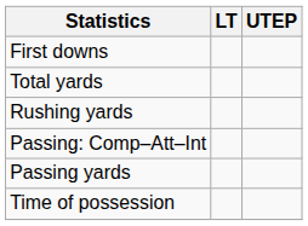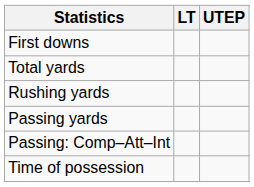 <table class="wikitable" style="float: left;">
 <tr>
 <th>Statistics</th>
 <th>LT</th>
 <th>UTEP</th>
 </tr>
 <tr>
 <td>First downs</td>
 <td></td>
 <td></td>
 </tr>
 <tr>
 <td>Total yards</td>
 <td></td>
 <td></td>
 </tr>
 <tr>
 <td>Rushing yards</td>
 <td></td>
 <td></td>
 </tr>
 <tr>
-<td>Passing: Comp–Att–Int</td>
+<td>Passing yards</td>
 <td></td>
 <td></td>
 </tr>
 <tr>
-<td>Passing yards</td>
+<td>Passing: Comp–Att–Int</td>
 <td></td>
 <td></td>
 </tr>
 <tr>
 <td>Time of possession</td>
 <td></td>
 <td></td>
 </tr>
 <tr>
 </tr>
 </table>
